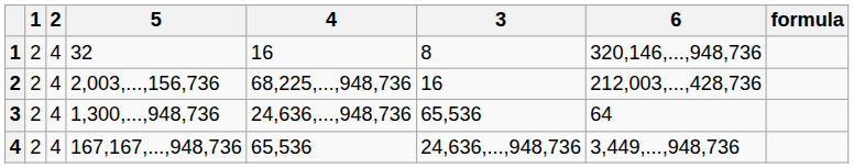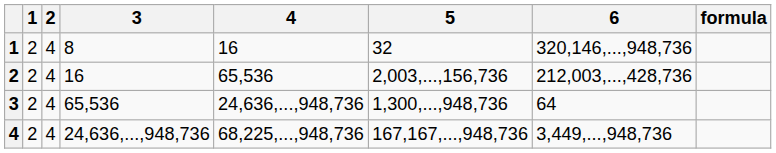 <table class="wikitable">
 <tr>
 <th></th>
 <th>1</th>
 <th>2</th>
+<th>3</th>
+<th>4</th>
 <th>5</th>
-<th>4</th>
-<th>3</th>
 <th>6</th>
 <th>formula</th>
 </tr>
 <tr>
 <th>1</th>
 <td>2</td>
 <td>4</td>
+<td>8</td>
+<td>16</td>
 <td>32</td>
-<td>16</td>
-<td>8</td>
 <td>320,146,...,948,736</td>
 <td></td>
 </tr>
 <tr>
 <th>2</th>
 <td>2</td>
 <td>4</td>
+<td>16</td>
+<td>65,536</td>
 <td>2,003,...,156,736</td>
-<td>68,225,...,948,736</td>
-<td>16</td>
 <td>212,003,...,428,736</td>
 <td></td>
 </tr>
 <tr>
 <th>3</th>
 <td>2</td>
 <td>4</td>
+<td>65,536</td>
+<td>24,636,...,948,736</td>
 <td>1,300,...,948,736</td>
-<td>24,636,...,948,736</td>
-<td>65,536</td>
 <td>64</td>
 <td></td>
 </tr>
 <tr>
 <th>4</th>
 <td>2</td>
 <td>4</td>
+<td>24,636,...,948,736</td>
+<td>68,225,...,948,736</td>
 <td>167,167,...,948,736</td>
-<td>65,536</td>
-<td>24,636,...,948,736</td>
 <td>3,449,...,948,736</td>
 <td></td>
 </tr>
 </table>
